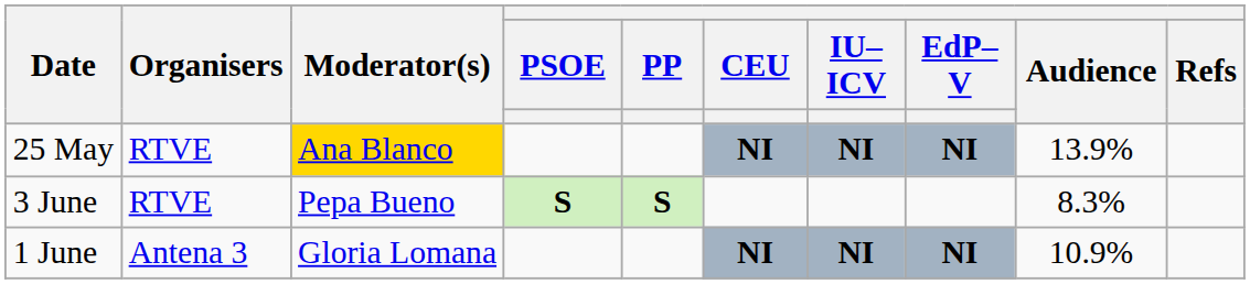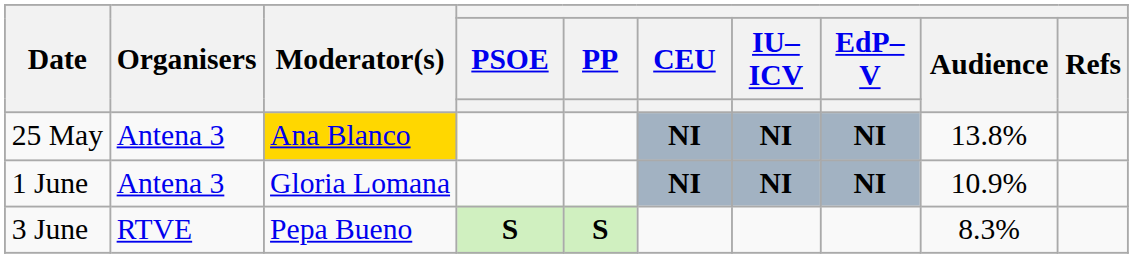 <table class="wikitable" style="text-align:center;">
 <tr>
 <th rowspan="3">Date</th>
 <th rowspan="3">Organisers</th>
 <th rowspan="3">Moderator(s)</th>
 <th colspan="7">        </th>
 </tr>
 <tr>
 <th scope="col" style="width:5em;"><a href='#'>PSOE</a></th>
 <th scope="col" style="width:5em;"><a href='#'>PP</a></th>
 <th scope="col" style="width:5em;"><a href='#'>CEU</a></th>
 <th scope="col" style="width:5em;"><a href='#'>IU–ICV</a></th>
 <th scope="col" style="width:5em;"><a href='#'>EdP–V</a></th>
 <th rowspan="2" scope="col" style="width:5em;">Audience</th>
 <th rowspan="2">Refs</th>
 </tr>
 <tr>
 <th style="color:inherit;background:"></th>
 <th style="color:inherit;background:"></th>
 <th style="color:inherit;background:"></th>
 <th style="color:inherit;background:"></th>
 <th style="color:inherit;background:"></th>
 </tr>
 <tr>
 <td style="white-space:nowrap; text-align:left;">25 May</td>
-<td style="white-space:nowrap; text-align:left;"><a href='#'>RTVE</a></td>
+<td style="white-space:nowrap; text-align:left;"><a href='#'>Antena 3</a></td>
 <td style="background: gold; white-space:nowrap; text-align:left;"><a href='#'>Ana Blanco</a></td>
 <td></td>
 <td></td>
 <td style="background:#A2B2C2;"><strong>NI</strong></td>
 <td style="background:#A2B2C2;"><strong>NI</strong></td>
 <td style="background:#A2B2C2;"><strong>NI</strong></td>
-<td>13.9%<br></td>
+<td>13.8%<br></td>
+<td><br></td>
+</tr>
+<tr>
+<td style="white-space:nowrap; text-align:left;">1 June</td>
+<td style="white-space:nowrap; text-align:left;"><a href='#'>Antena 3</a></td>
+<td style="white-space:nowrap; text-align:left;"><a href='#'>Gloria Lomana</a></td>
+<td></td>
+<td></td>
+<td style="background:#A2B2C2;"><strong>NI</strong></td>
+<td style="background:#A2B2C2;"><strong>NI</strong></td>
+<td style="background:#A2B2C2;"><strong>NI</strong></td>
+<td>10.9%<br></td>
 <td><br></td>
 </tr>
 <tr>
 <td style="white-space:nowrap; text-align:left;">3 June</td>
 <td style="white-space:nowrap; text-align:left;"><a href='#'>RTVE</a></td>
 <td style="white-space:nowrap; text-align:left;"><a href='#'>Pepa Bueno</a></td>
 <td style="background:#D0F0C0;"><strong>S</strong><br></td>
 <td style="background:#D0F0C0;"><strong>S</strong><br></td>
 <td></td>
 <td></td>
 <td></td>
 <td>8.3%<br></td>
 <td><br></td>
 </tr>
-<tr>
-<td style="white-space:nowrap; text-align:left;">1 June</td>
-<td style="white-space:nowrap; text-align:left;"><a href='#'>Antena 3</a></td>
-<td style="white-space:nowrap; text-align:left;"><a href='#'>Gloria Lomana</a></td>
-<td></td>
-<td></td>
-<td style="background:#A2B2C2;"><strong>NI</strong></td>
-<td style="background:#A2B2C2;"><strong>NI</strong></td>
-<td style="background:#A2B2C2;"><strong>NI</strong></td>
-<td>10.9%<br></td>
-<td><br></td>
-</tr>
 </table>
